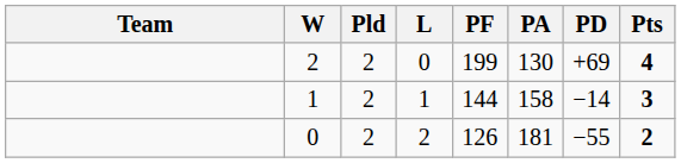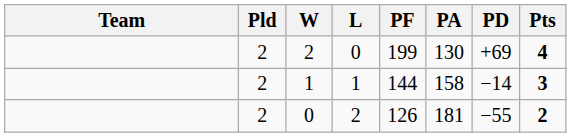 <table class=wikitable style="text-align:center">
 <tr>
 <th width=180>Team</th>
+<th width=30>Pld</th>
 <th width=30>W</th>
-<th width=30>Pld</th>
 <th width=30>L</th>
 <th width=30>PF</th>
 <th width=30>PA</th>
 <th width=30>PD</th>
 <th width=30>Pts</th>
 </tr>
 <tr align=center>
 <td align=left></td>
 <td>2</td>
 <td>2</td>
 <td>0</td>
 <td>199</td>
 <td>130</td>
 <td>+69</td>
 <td><strong>4</strong></td>
 </tr>
 <tr align=center>
 <td align=left></td>
+<td>2</td>
 <td>1</td>
-<td>2</td>
 <td>1</td>
 <td>144</td>
 <td>158</td>
 <td>−14</td>
 <td><strong>3</strong></td>
 </tr>
 <tr align=center>
 <td align=left></td>
+<td>2</td>
 <td>0</td>
-<td>2</td>
 <td>2</td>
 <td>126</td>
 <td>181</td>
 <td>−55</td>
 <td><strong>2</strong></td>
 </tr>
 </table>
